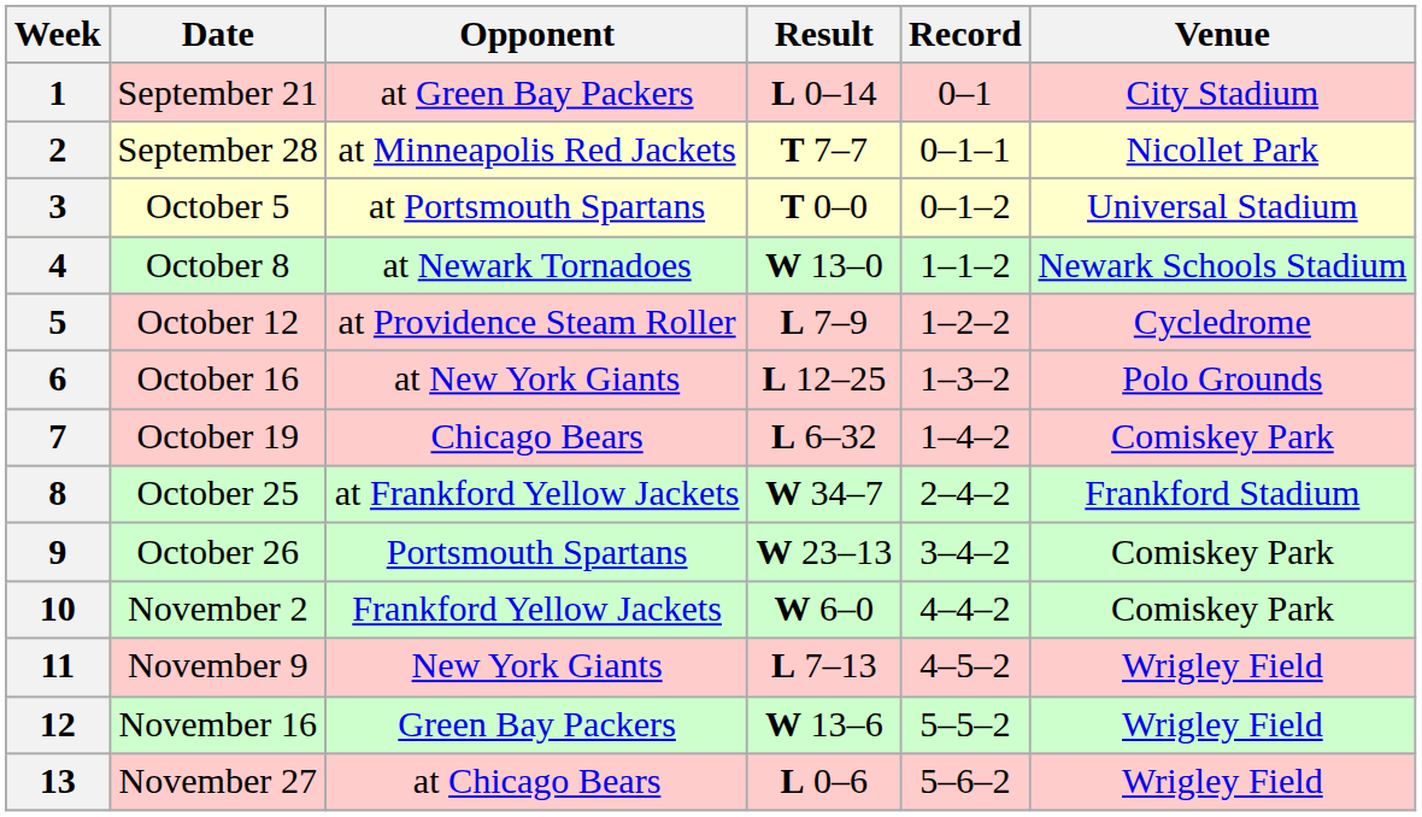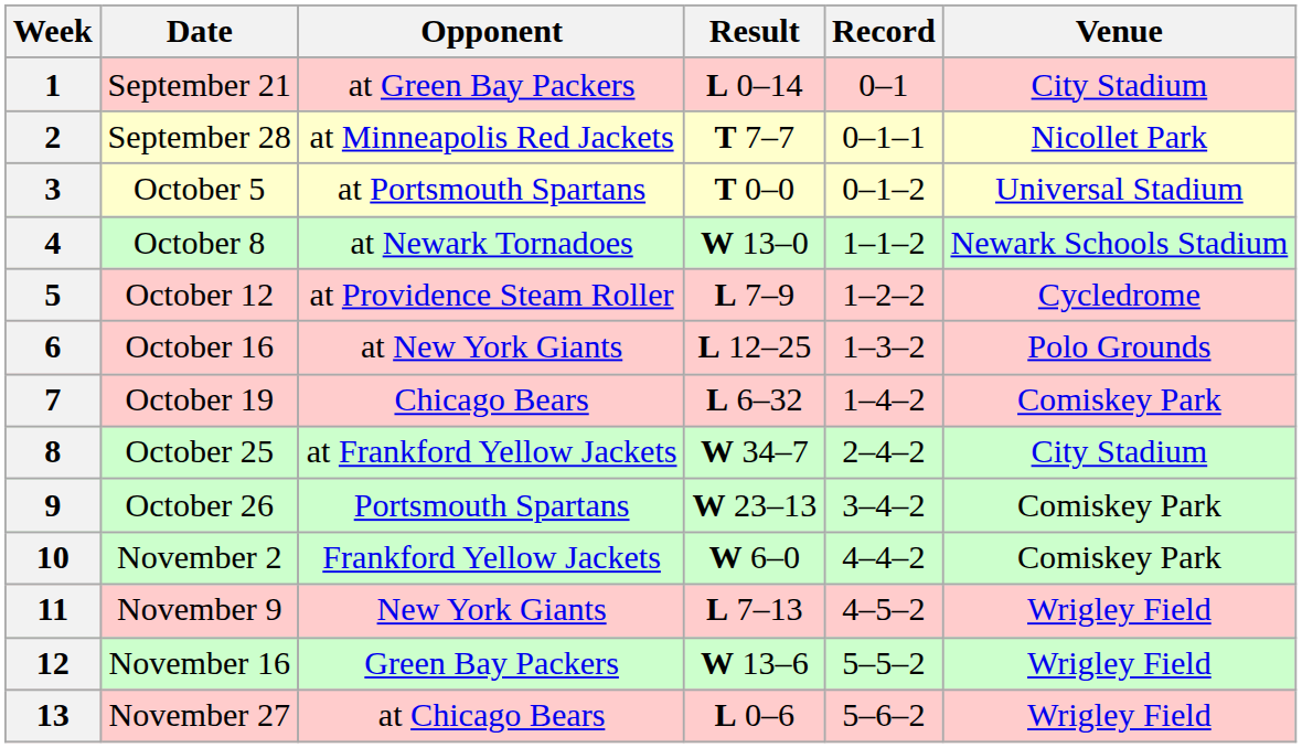 <table class="wikitable" style="text-align:center">
 <tr>
 <th>Week</th>
 <th>Date</th>
 <th>Opponent</th>
 <th>Result</th>
 <th>Record</th>
 <th>Venue</th>
 </tr>
 <tr style="background:#fcc">
 <th>1</th>
 <td>September 21</td>
 <td>at <a href='#'>Green Bay Packers</a></td>
 <td><strong>L</strong> 0–14</td>
 <td>0–1</td>
 <td><a href='#'>City Stadium</a></td>
 </tr>
 <tr style="background:#ffc">
 <th>2</th>
 <td>September 28</td>
 <td>at <a href='#'>Minneapolis Red Jackets</a></td>
 <td><strong>T</strong> 7–7</td>
 <td>0–1–1</td>
 <td><a href='#'>Nicollet Park</a></td>
 </tr>
 <tr style="background:#ffc">
 <th>3</th>
 <td>October 5</td>
 <td>at <a href='#'>Portsmouth Spartans</a></td>
 <td><strong>T</strong> 0–0</td>
 <td>0–1–2</td>
 <td><a href='#'>Universal Stadium</a></td>
 </tr>
 <tr style="background:#cfc">
 <th>4</th>
 <td>October 8</td>
 <td>at <a href='#'>Newark Tornadoes</a></td>
 <td><strong>W</strong> 13–0</td>
 <td>1–1–2</td>
 <td><a href='#'>Newark Schools Stadium</a></td>
 </tr>
 <tr style="background:#fcc">
 <th>5</th>
 <td>October 12</td>
 <td>at <a href='#'>Providence Steam Roller</a></td>
 <td><strong>L</strong> 7–9</td>
 <td>1–2–2</td>
 <td><a href='#'>Cycledrome</a></td>
 </tr>
 <tr style="background:#fcc">
 <th>6</th>
 <td>October 16</td>
 <td>at <a href='#'>New York Giants</a></td>
 <td><strong>L</strong> 12–25</td>
 <td>1–3–2</td>
 <td><a href='#'>Polo Grounds</a></td>
 </tr>
 <tr style="background:#fcc">
 <th>7</th>
 <td>October 19</td>
 <td><a href='#'>Chicago Bears</a></td>
 <td><strong>L</strong> 6–32</td>
 <td>1–4–2</td>
 <td><a href='#'>Comiskey Park</a></td>
 </tr>
 <tr style="background:#cfc">
 <th>8</th>
 <td>October 25</td>
 <td>at <a href='#'>Frankford Yellow Jackets</a></td>
 <td><strong>W</strong> 34–7</td>
 <td>2–4–2</td>
-<td><a href='#'>Frankford Stadium</a></td>
+<td><a href='#'>City Stadium</a></td>
 </tr>
 <tr style="background:#cfc">
 <th>9</th>
 <td>October 26</td>
 <td><a href='#'>Portsmouth Spartans</a></td>
 <td><strong>W</strong> 23–13</td>
 <td>3–4–2</td>
 <td>Comiskey Park</td>
 </tr>
 <tr style="background:#cfc">
 <th>10</th>
 <td>November 2</td>
 <td><a href='#'>Frankford Yellow Jackets</a></td>
 <td><strong>W</strong> 6–0</td>
 <td>4–4–2</td>
 <td>Comiskey Park</td>
 </tr>
 <tr style="background:#fcc">
 <th>11</th>
 <td>November 9</td>
 <td><a href='#'>New York Giants</a></td>
 <td><strong>L</strong> 7–13</td>
 <td>4–5–2</td>
 <td><a href='#'>Wrigley Field</a></td>
 </tr>
 <tr style="background:#cfc">
 <th>12</th>
 <td>November 16</td>
 <td><a href='#'>Green Bay Packers</a></td>
 <td><strong>W</strong> 13–6</td>
 <td>5–5–2</td>
 <td><a href='#'>Wrigley Field</a></td>
 </tr>
 <tr style="background:#fcc">
 <th>13</th>
 <td>November 27</td>
 <td>at <a href='#'>Chicago Bears</a></td>
 <td><strong>L</strong> 0–6</td>
 <td>5–6–2</td>
 <td><a href='#'>Wrigley Field</a></td>
 </tr>
 </table>
